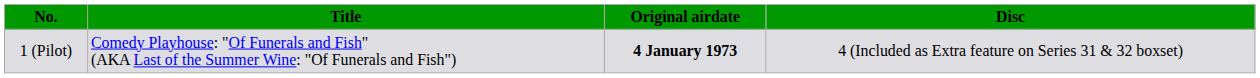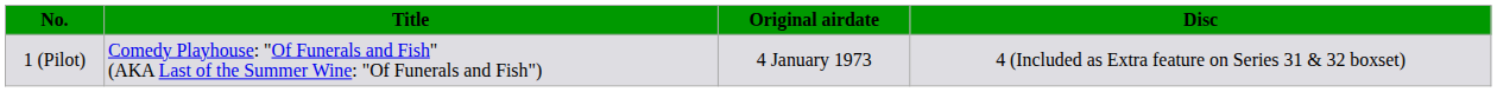 <table class="wikitable plainrowheaders" width=100% style="text-align:center">
 <tr style="background-color: #009900; font-weight:bold">
 <td>No.</td>
 <td>Title</td>
 <td>Original airdate</td>
 <td>Disc</td>
 </tr>
 <tr style="background-color: #DEDDE2;">
 <td>1 (Pilot)</td>
 <td align=left><a href='#'>Comedy Playhouse</a>: "<a href='#'>Of Funerals and Fish</a>"<br>(AKA <a href='#'>Last of the Summer Wine</a>: "Of Funerals and Fish")</td>
-<td><strong>4 January 1973</strong></td>
+<td>4 January 1973</td>
 <td>4 (Included as Extra feature on Series 31 & 32 boxset)</td>
 </tr>
 </table>
